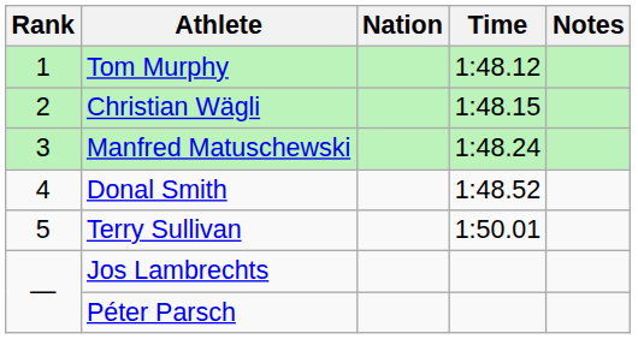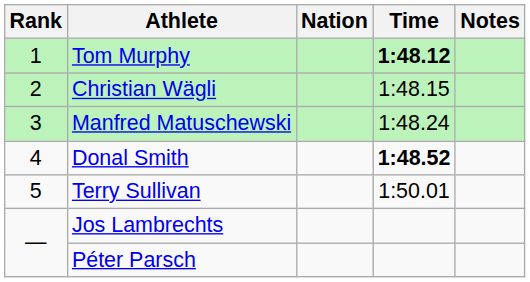 <table class="wikitable sortable" style="text-align:center">
 <tr>
 <th>Rank</th>
 <th>Athlete</th>
 <th>Nation</th>
 <th>Time</th>
 <th>Notes</th>
 </tr>
 <tr bgcolor=bbf3bb>
 <td>1</td>
 <td align=left><a href='#'>Tom Murphy</a></td>
 <td align=left></td>
-<td>1:48.12</td>
+<td><strong>1:48.12</strong></td>
 <td></td>
 </tr>
 <tr bgcolor=bbf3bb>
 <td>2</td>
 <td align=left><a href='#'>Christian Wägli</a></td>
 <td align=left></td>
 <td>1:48.15</td>
 <td></td>
 </tr>
 <tr bgcolor=bbf3bb>
 <td>3</td>
 <td align=left><a href='#'>Manfred Matuschewski</a></td>
 <td align=left></td>
 <td>1:48.24</td>
 <td></td>
 </tr>
 <tr>
 <td>4</td>
 <td align=left><a href='#'>Donal Smith</a></td>
 <td align=left></td>
-<td>1:48.52</td>
+<td><strong>1:48.52</strong></td>
 <td></td>
 </tr>
 <tr>
 <td>5</td>
 <td align=left><a href='#'>Terry Sullivan</a></td>
 <td align=left></td>
 <td>1:50.01</td>
 <td></td>
 </tr>
 <tr>
 <td rowspan=2 data-sort-value=6>—</td>
 <td align=left><a href='#'>Jos Lambrechts</a></td>
 <td align=left></td>
 <td></td>
 <td></td>
 </tr>
 <tr>
 <td align=left><a href='#'>Péter Parsch</a></td>
 <td align=left></td>
 <td></td>
 <td></td>
 </tr>
 </table>
